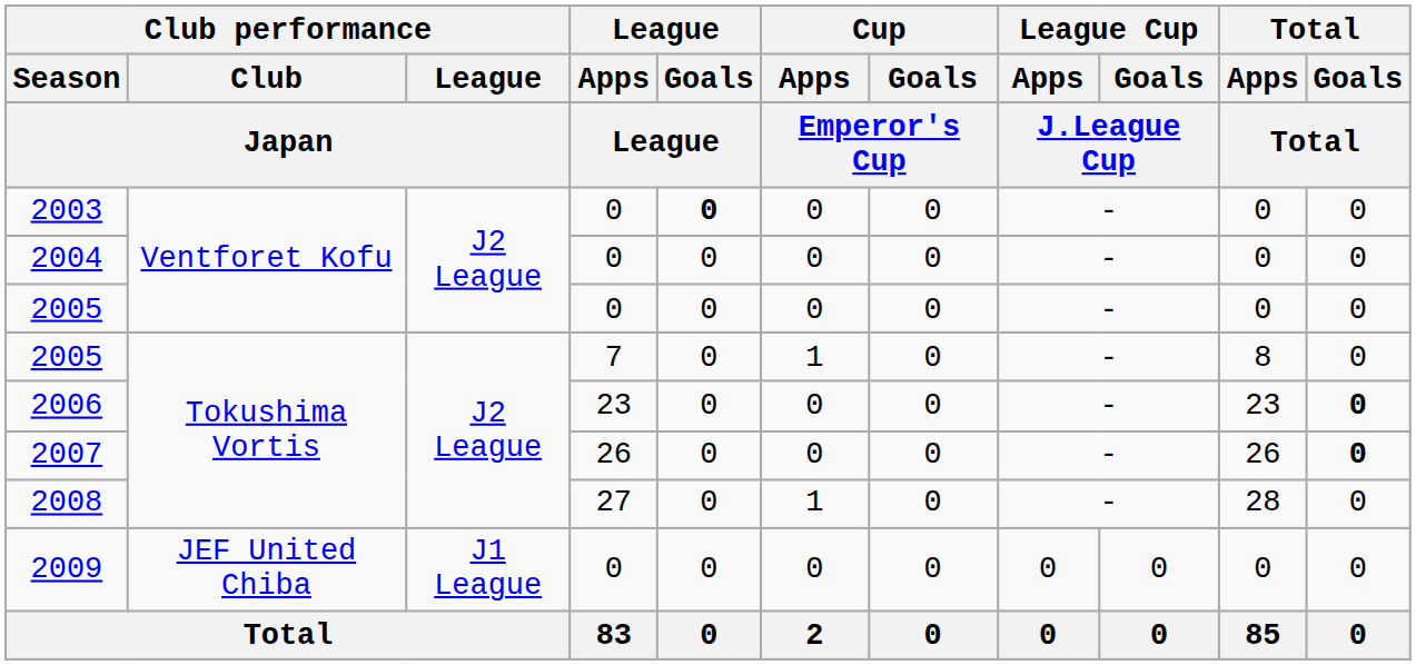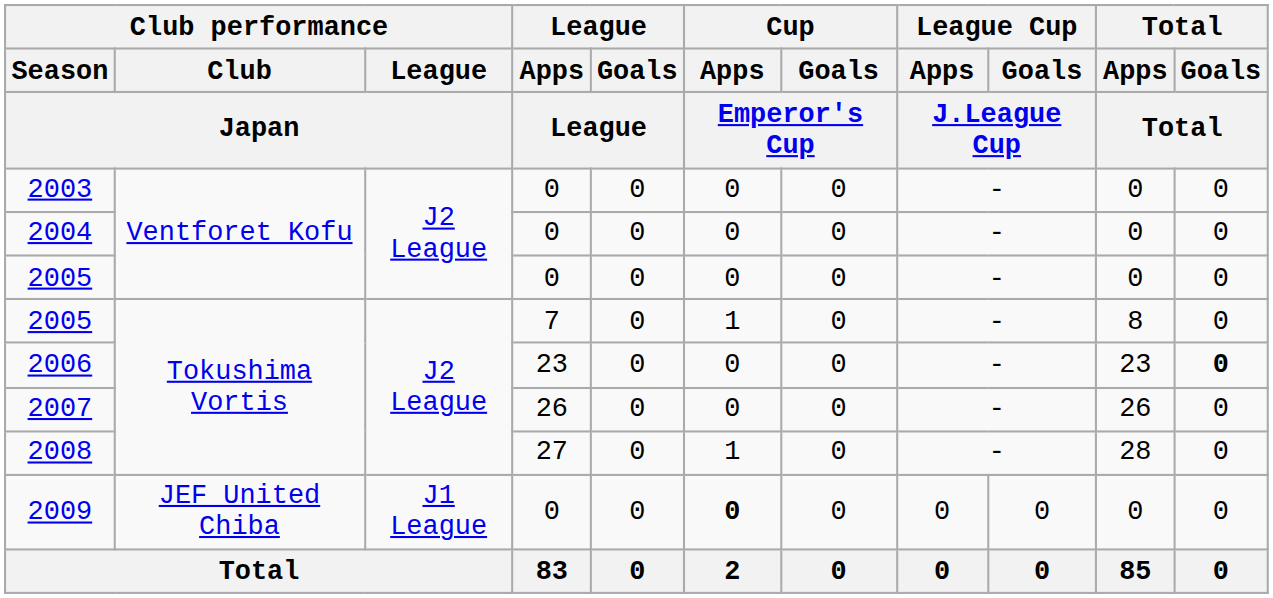 <table class="wikitable" style="text-align:center;">
 <tr>
 <th colspan=3>Club performance</th>
 <th colspan=2>League</th>
 <th colspan=2>Cup</th>
 <th colspan=2>League Cup</th>
 <th colspan=2>Total</th>
 </tr>
 <tr>
 <th>Season</th>
 <th>Club</th>
 <th>League</th>
 <th>Apps</th>
 <th>Goals</th>
 <th>Apps</th>
 <th>Goals</th>
 <th>Apps</th>
 <th>Goals</th>
 <th>Apps</th>
 <th>Goals</th>
 </tr>
 <tr>
 <th colspan=3>Japan</th>
 <th colspan=2>League</th>
 <th colspan=2><a href='#'>Emperor's Cup</a></th>
 <th colspan=2><a href='#'>J.League Cup</a></th>
 <th colspan=2>Total</th>
 </tr>
 <tr>
 <td><a href='#'>2003</a></td>
 <td rowspan="3"><a href='#'>Ventforet Kofu</a></td>
 <td rowspan="3"><a href='#'>J2 League</a></td>
 <td>0</td>
-<td><strong>0</strong></td>
+<td>0</td>
 <td>0</td>
 <td>0</td>
 <td colspan="2">-</td>
 <td>0</td>
 <td>0</td>
 </tr>
 <tr>
 <td><a href='#'>2004</a></td>
 <td>0</td>
 <td>0</td>
 <td>0</td>
 <td>0</td>
 <td colspan="2">-</td>
 <td>0</td>
 <td>0</td>
 </tr>
 <tr>
 <td><a href='#'>2005</a></td>
 <td>0</td>
 <td>0</td>
 <td>0</td>
 <td>0</td>
 <td colspan="2">-</td>
 <td>0</td>
 <td>0</td>
 </tr>
 <tr>
 <td><a href='#'>2005</a></td>
 <td rowspan="4"><a href='#'>Tokushima Vortis</a></td>
 <td rowspan="4"><a href='#'>J2 League</a></td>
 <td>7</td>
 <td>0</td>
 <td>1</td>
 <td>0</td>
 <td colspan="2">-</td>
 <td>8</td>
 <td>0</td>
 </tr>
 <tr>
 <td><a href='#'>2006</a></td>
 <td>23</td>
 <td>0</td>
 <td>0</td>
 <td>0</td>
 <td colspan="2">-</td>
 <td>23</td>
 <td><strong>0</strong></td>
 </tr>
 <tr>
 <td><a href='#'>2007</a></td>
 <td>26</td>
 <td>0</td>
 <td>0</td>
 <td>0</td>
 <td colspan="2">-</td>
 <td>26</td>
-<td><strong>0</strong></td>
+<td>0</td>
 </tr>
 <tr>
 <td><a href='#'>2008</a></td>
 <td>27</td>
 <td>0</td>
 <td>1</td>
 <td>0</td>
 <td colspan="2">-</td>
 <td>28</td>
 <td>0</td>
 </tr>
 <tr>
 <td><a href='#'>2009</a></td>
 <td><a href='#'>JEF United Chiba</a></td>
 <td><a href='#'>J1 League</a></td>
 <td>0</td>
 <td>0</td>
-<td>0</td>
+<td><strong>0</strong></td>
 <td>0</td>
 <td>0</td>
 <td>0</td>
 <td>0</td>
 <td>0</td>
 </tr>
 <tr>
 <th colspan=3>Total</th>
 <th>83</th>
 <th>0</th>
 <th>2</th>
 <th>0</th>
 <th>0</th>
 <th>0</th>
 <th>85</th>
 <th>0</th>
 </tr>
 </table>
